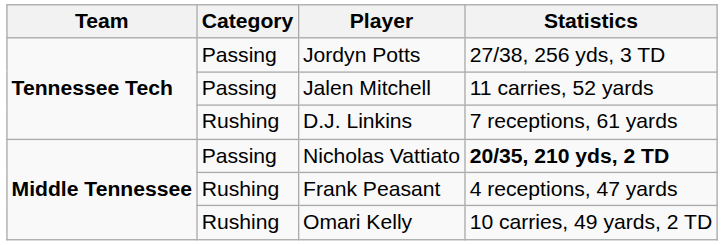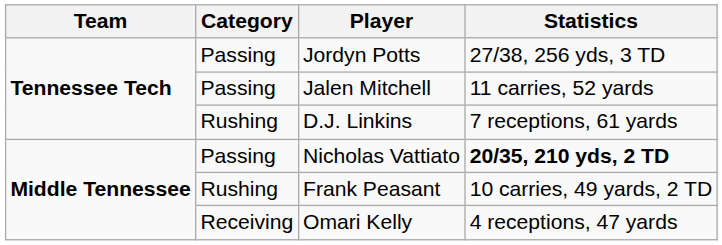 <table class="wikitable" style="float: right;">
 <tr>
 <th>Team</th>
 <th>Category</th>
 <th>Player</th>
 <th>Statistics</th>
 </tr>
 <tr>
 <td rowspan=3><strong>Tennessee Tech</strong></td>
 <td>Passing</td>
 <td>Jordyn Potts</td>
 <td>27/38, 256 yds, 3 TD</td>
 </tr>
 <tr>
 <td>Passing</td>
 <td>Jalen Mitchell</td>
 <td>11 carries, 52 yards</td>
 </tr>
 <tr>
 <td>Rushing</td>
 <td>D.J. Linkins</td>
 <td>7 receptions, 61 yards</td>
 </tr>
 <tr>
 <td rowspan=3><strong>Middle Tennessee</strong></td>
 <td>Passing</td>
 <td>Nicholas Vattiato</td>
 <td><strong>20/35, 210 yds, 2 TD</strong></td>
 </tr>
 <tr>
 <td>Rushing</td>
 <td>Frank Peasant</td>
+<td>10 carries, 49 yards, 2 TD</td>
+</tr>
+<tr>
+<td>Receiving</td>
+<td>Omari Kelly</td>
 <td>4 receptions, 47 yards</td>
 </tr>
-<tr>
-<td>Rushing</td>
-<td>Omari Kelly</td>
-<td>10 carries, 49 yards, 2 TD</td>
-</tr>
 </table>
